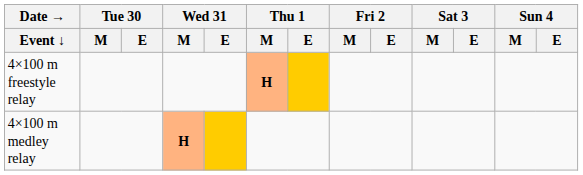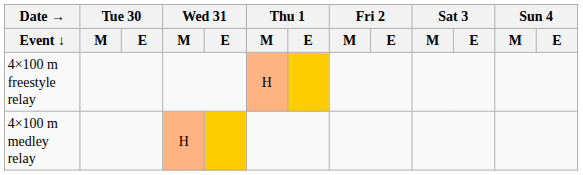 <table class="wikitable" style="margin:0.5em auto; font-size:95%; line-height:1.25em;">
 <tr style="text-align:center;">
 <th>Date →</th>
 <th colspan="2">Tue 30</th>
 <th colspan="2">Wed 31</th>
 <th colspan="2">Thu 1</th>
 <th colspan="2">Fri 2</th>
 <th colspan="2">Sat 3</th>
 <th colspan="2">Sun 4</th>
 </tr>
 <tr>
 <th>Event   ↓</th>
 <th style="width:2.5em;">M</th>
 <th style="width:2.5em;">E</th>
 <th style="width:2.5em;">M</th>
 <th style="width:2.5em;">E</th>
 <th style="width:2.5em;">M</th>
 <th style="width:2.5em;">E</th>
 <th style="width:2.5em;">M</th>
 <th style="width:2.5em;">E</th>
 <th style="width:2.5em;">M</th>
 <th style="width:2.5em;">E</th>
 <th style="width:2.5em;">M</th>
 <th style="width:2.5em;">E</th>
 </tr>
 <tr style="text-align:center;">
 <td style="text-align:left;">4×100 m freestyle relay</td>
 <td colspan="2"></td>
 <td colspan="2"></td>
-<td style="background-color:#ffb380;"><strong>H</strong></td>
+<td style="background-color:#ffb380;">H</td>
 <td style="background-color:#ffcc00;"></td>
 <td colspan="2"></td>
 <td colspan="2"></td>
 <td colspan="2"></td>
 </tr>
 <tr style="text-align:center;">
 <td style="text-align:left;">4×100 m medley relay</td>
 <td colspan="2"></td>
-<td style="background-color:#ffb380;"><strong>H</strong></td>
+<td style="background-color:#ffb380;">H</td>
 <td style="background-color:#ffcc00;"></td>
 <td colspan="2"></td>
 <td colspan="2"></td>
 <td colspan="2"></td>
 <td colspan="2"></td>
 </tr>
 </table>
